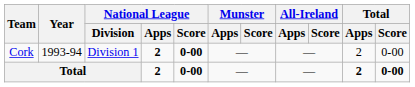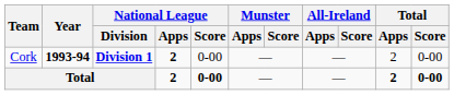 <table class="wikitable" style="text-align:center">
 <tr>
 <th rowspan="2">Team</th>
 <th rowspan="2">Year</th>
 <th colspan="3"><a href='#'>National League</a></th>
 <th colspan="2"><a href='#'>Munster</a></th>
 <th colspan="2"><a href='#'>All-Ireland</a></th>
 <th colspan="2">Total</th>
 </tr>
 <tr>
 <th>Division</th>
 <th>Apps</th>
 <th>Score</th>
 <th>Apps</th>
 <th>Score</th>
 <th>Apps</th>
 <th>Score</th>
 <th>Apps</th>
 <th>Score</th>
 </tr>
 <tr>
 <td rowspan="1"><a href='#'>Cork</a></td>
-<td>1993-94</td>
-<td rowspan="1"><a href='#'>Division 1</a></td>
+<td><strong>1993-94</strong></td>
+<td rowspan="1"><strong><a href='#'>Division 1</a></strong></td>
 <td><strong>2</strong></td>
-<td><strong>0-00</strong></td>
+<td>0-00</td>
 <td colspan=2>—</td>
 <td colspan=2>—</td>
 <td>2</td>
 <td>0-00</td>
 </tr>
 <tr>
 <th colspan="3">Total</th>
 <td><strong>2</strong></td>
 <td><strong>0-00</strong></td>
 <td colspan=2>—</td>
 <td colspan=2>—</td>
 <td><strong>2</strong></td>
 <td><strong>0-00</strong></td>
 </tr>
 </table>
